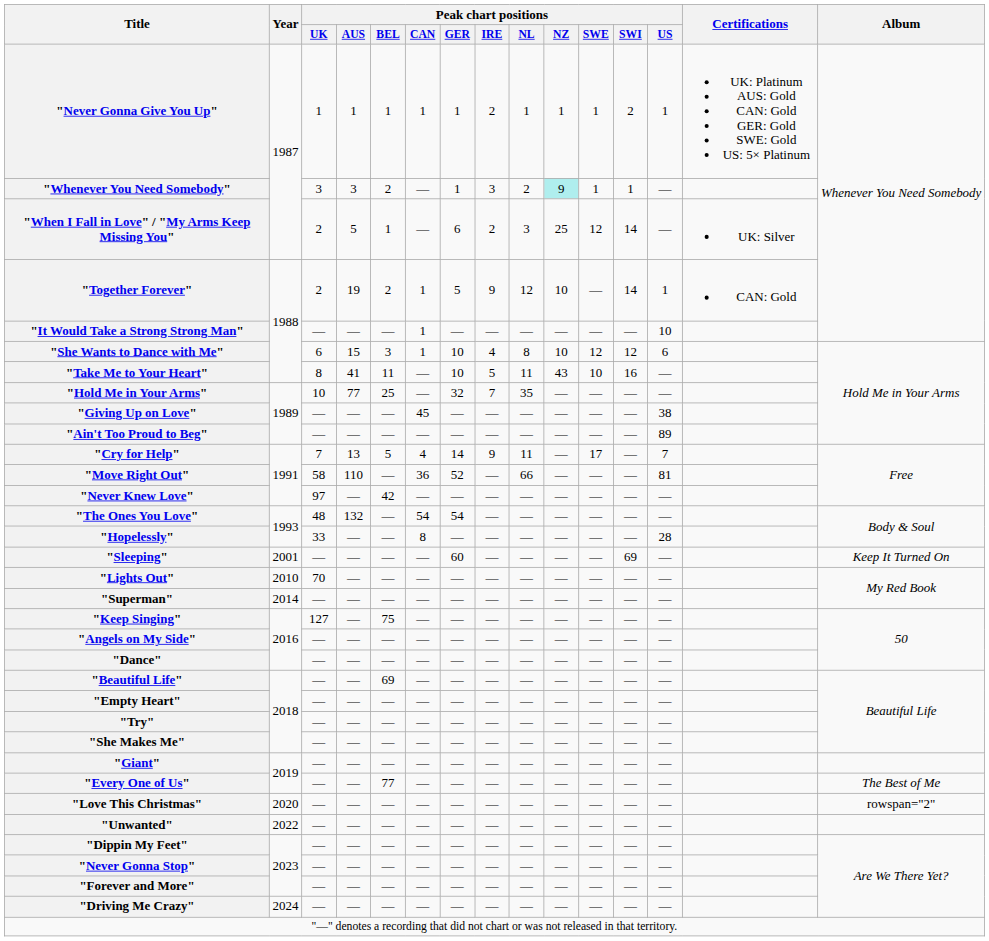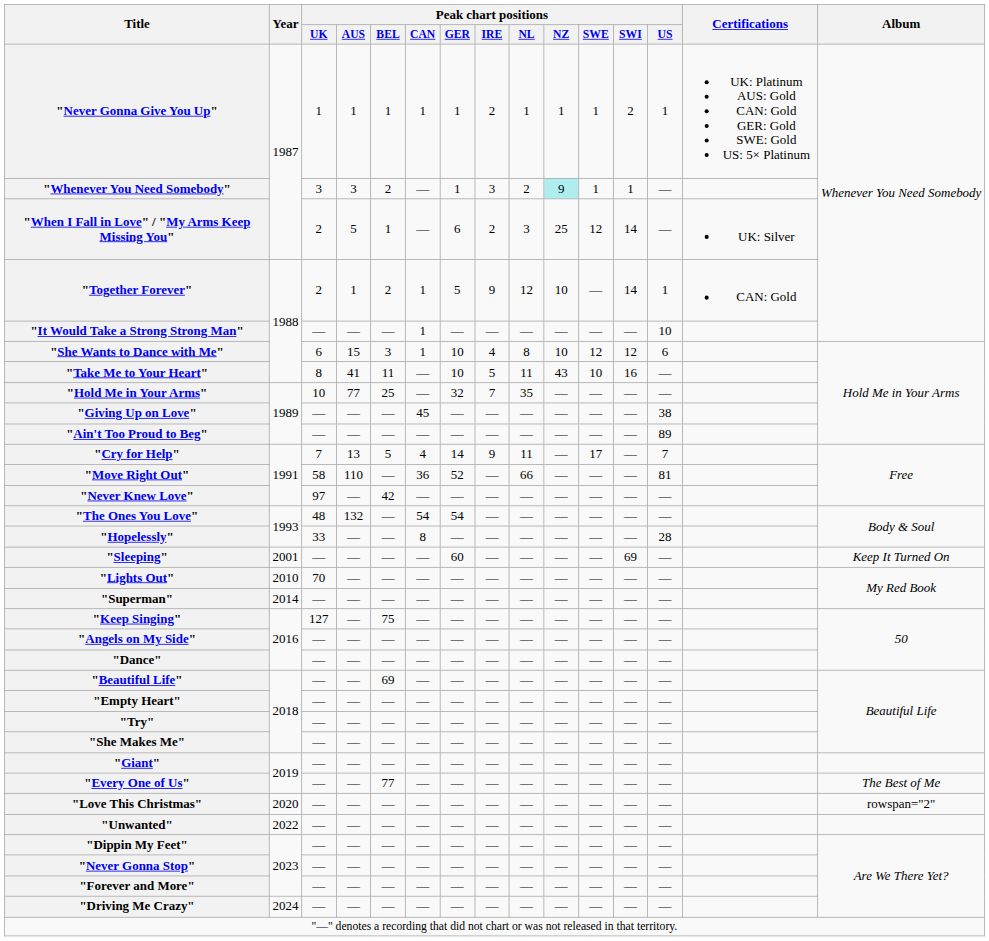 <table class="wikitable plainrowheaders" style="text-align:center;">
 <tr>
 <th scope="col" rowspan="2" style="width:20em;">Title</th>
 <th scope="col" rowspan="2">Year</th>
 <th scope="col" colspan="11">Peak chart positions</th>
 <th scope="col" rowspan="2" style="width:10em;"><a href='#'>Certifications</a></th>
 <th scope="col" rowspan="2">Album</th>
 </tr>
 <tr>
 <th scope="col" style="width:2.5em;font-size:90%;"><a href='#'>UK</a><br></th>
 <th scope="col" style="width:2.5em;font-size:90%;"><a href='#'>AUS</a><br></th>
 <th scope="col" style="width:2.5em;font-size:90%;"><a href='#'>BEL</a><br></th>
 <th scope="col" style="width:2.5em;font-size:90%;"><a href='#'>CAN</a><br></th>
 <th scope="col" style="width:2.5em;font-size:90%;"><a href='#'>GER</a><br></th>
 <th scope="col" style="width:2.5em;font-size:90%;"><a href='#'>IRE</a><br></th>
 <th scope="col" style="width:2.5em;font-size:90%;"><a href='#'>NL</a><br></th>
 <th scope="col" style="width:2.5em;font-size:90%;"><a href='#'>NZ</a><br></th>
 <th scope="col" style="width:2.5em;font-size:90%;"><a href='#'>SWE</a><br></th>
 <th scope="col" style="width:2.5em;font-size:90%;"><a href='#'>SWI</a><br></th>
 <th scope="col" style="width:2.5em;font-size:90%;"><a href='#'>US</a><br></th>
 </tr>
 <tr>
 <th scope="row">"<a href='#'>Never Gonna Give You Up</a>"</th>
 <td rowspan="3">1987</td>
 <td>1</td>
 <td>1</td>
 <td>1</td>
 <td>1</td>
 <td>1</td>
 <td>2</td>
 <td>1</td>
 <td>1</td>
 <td>1</td>
 <td>2</td>
 <td>1</td>
 <td><br><ul><li>UK: Platinum</li><li>AUS: Gold</li><li>CAN: Gold</li><li>GER: Gold</li><li>SWE: Gold</li><li>US: 5× Platinum</li></ul></td>
 <td rowspan="5"><em>Whenever You Need Somebody</em></td>
 </tr>
 <tr>
 <th scope="row">"<a href='#'>Whenever You Need Somebody</a>"</th>
 <td>3</td>
 <td>3</td>
 <td>2</td>
 <td>—</td>
 <td>1</td>
 <td>3</td>
 <td>2</td>
 <td style="background: paleturquoise;">9</td>
 <td>1</td>
 <td>1</td>
 <td>—</td>
 <td></td>
 </tr>
 <tr>
 <th scope="row">"<a href='#'>When I Fall in Love</a>" / "<a href='#'>My Arms Keep Missing You</a>"</th>
 <td>2</td>
 <td>5</td>
 <td>1</td>
 <td>—</td>
 <td>6</td>
 <td>2</td>
 <td>3</td>
 <td>25</td>
 <td>12</td>
 <td>14</td>
 <td>—</td>
 <td><br><ul><li>UK: Silver</li></ul></td>
 </tr>
 <tr>
 <th scope="row">"<a href='#'>Together Forever</a>"</th>
 <td rowspan="4">1988</td>
 <td>2</td>
-<td>19</td>
+<td>1</td>
 <td>2</td>
 <td>1</td>
 <td>5</td>
 <td>9</td>
 <td>12</td>
 <td>10</td>
 <td>—</td>
 <td>14</td>
 <td>1</td>
 <td><br><ul><li>CAN: Gold</li></ul></td>
 </tr>
 <tr>
 <th scope="row">"<a href='#'>It Would Take a Strong Strong Man</a>"</th>
 <td>—</td>
 <td>—</td>
 <td>—</td>
 <td>1</td>
 <td>—</td>
 <td>—</td>
 <td>—</td>
 <td>—</td>
 <td>—</td>
 <td>—</td>
 <td>10</td>
 <td></td>
 </tr>
 <tr>
 <th scope="row">"<a href='#'>She Wants to Dance with Me</a>"</th>
 <td>6</td>
 <td>15</td>
 <td>3</td>
 <td>1</td>
 <td>10</td>
 <td>4</td>
 <td>8</td>
 <td>10</td>
 <td>12</td>
 <td>12</td>
 <td>6</td>
 <td></td>
 <td rowspan="5"><em>Hold Me in Your Arms</em></td>
 </tr>
 <tr>
 <th scope="row">"<a href='#'>Take Me to Your Heart</a>"</th>
 <td>8</td>
 <td>41</td>
 <td>11</td>
 <td>—</td>
 <td>10</td>
 <td>5</td>
 <td>11</td>
 <td>43</td>
 <td>10</td>
 <td>16</td>
 <td>—</td>
 <td></td>
 </tr>
 <tr>
 <th scope="row">"<a href='#'>Hold Me in Your Arms</a>"</th>
 <td rowspan="3">1989</td>
 <td>10</td>
 <td>77</td>
 <td>25</td>
 <td>—</td>
 <td>32</td>
 <td>7</td>
 <td>35</td>
 <td>—</td>
 <td>—</td>
 <td>—</td>
 <td>—</td>
 <td></td>
 </tr>
 <tr>
 <th scope="row">"<a href='#'>Giving Up on Love</a>"</th>
 <td>—</td>
 <td>—</td>
 <td>—</td>
 <td>45</td>
 <td>—</td>
 <td>—</td>
 <td>—</td>
 <td>—</td>
 <td>—</td>
 <td>—</td>
 <td>38</td>
 <td></td>
 </tr>
 <tr>
 <th scope="row">"<a href='#'>Ain't Too Proud to Beg</a>"</th>
 <td>—</td>
 <td>—</td>
 <td>—</td>
 <td>—</td>
 <td>—</td>
 <td>—</td>
 <td>—</td>
 <td>—</td>
 <td>—</td>
 <td>—</td>
 <td>89</td>
 <td></td>
 </tr>
 <tr>
 <th scope="row">"<a href='#'>Cry for Help</a>"</th>
 <td rowspan="3">1991</td>
 <td>7</td>
 <td>13</td>
 <td>5</td>
 <td>4</td>
 <td>14</td>
 <td>9</td>
 <td>11</td>
 <td>—</td>
 <td>17</td>
 <td>—</td>
 <td>7</td>
 <td></td>
 <td rowspan="3"><em>Free</em></td>
 </tr>
 <tr>
 <th scope="row">"<a href='#'>Move Right Out</a>"</th>
 <td>58</td>
 <td>110</td>
 <td>—</td>
 <td>36</td>
 <td>52</td>
 <td>—</td>
 <td>66</td>
 <td>—</td>
 <td>—</td>
 <td>—</td>
 <td>81</td>
 <td></td>
 </tr>
 <tr>
 <th scope="row">"<a href='#'>Never Knew Love</a>"</th>
 <td>97</td>
 <td>—</td>
 <td>42</td>
 <td>—</td>
 <td>—</td>
 <td>—</td>
 <td>—</td>
 <td>—</td>
 <td>—</td>
 <td>—</td>
 <td>—</td>
 <td></td>
 </tr>
 <tr>
 <th scope="row">"<a href='#'>The Ones You Love</a>"</th>
 <td rowspan="2">1993</td>
 <td>48</td>
 <td>132</td>
 <td>—</td>
 <td>54</td>
 <td>54</td>
 <td>—</td>
 <td>—</td>
 <td>—</td>
 <td>—</td>
 <td>—</td>
 <td>—</td>
 <td></td>
 <td rowspan="2"><em>Body & Soul</em></td>
 </tr>
 <tr>
 <th scope="row">"<a href='#'>Hopelessly</a>"</th>
 <td>33</td>
 <td>—</td>
 <td>—</td>
 <td>8</td>
 <td>—</td>
 <td>—</td>
 <td>—</td>
 <td>—</td>
 <td>—</td>
 <td>—</td>
 <td>28</td>
 <td></td>
 </tr>
 <tr>
 <th scope="row">"<a href='#'>Sleeping</a>"</th>
 <td>2001</td>
 <td>—</td>
 <td>—</td>
 <td>—</td>
 <td>—</td>
 <td>60</td>
 <td>—</td>
 <td>—</td>
 <td>—</td>
 <td>—</td>
 <td>69</td>
 <td>—</td>
 <td></td>
 <td><em>Keep It Turned On</em></td>
 </tr>
 <tr>
 <th scope="row">"<a href='#'>Lights Out</a>"</th>
 <td>2010</td>
 <td>70</td>
 <td>—</td>
 <td>—</td>
 <td>—</td>
 <td>—</td>
 <td>—</td>
 <td>—</td>
 <td>—</td>
 <td>—</td>
 <td>—</td>
 <td>—</td>
 <td></td>
 <td rowspan="2"><em>My Red Book</em><br></td>
 </tr>
 <tr>
 <th scope="row">"Superman"</th>
 <td>2014</td>
 <td>—</td>
 <td>—</td>
 <td>—</td>
 <td>—</td>
 <td>—</td>
 <td>—</td>
 <td>—</td>
 <td>—</td>
 <td>—</td>
 <td>—</td>
 <td>—</td>
 <td></td>
 </tr>
 <tr>
 <th scope="row">"<a href='#'>Keep Singing</a>"</th>
 <td rowspan="3">2016</td>
 <td>127</td>
 <td>—</td>
 <td>75</td>
 <td>—</td>
 <td>—</td>
 <td>—</td>
 <td>—</td>
 <td>—</td>
 <td>—</td>
 <td>—</td>
 <td>—</td>
 <td></td>
 <td rowspan="3"><em>50</em></td>
 </tr>
 <tr>
 <th scope="row">"<a href='#'>Angels on My Side</a>"</th>
 <td>—</td>
 <td>—</td>
 <td>—</td>
 <td>—</td>
 <td>—</td>
 <td>—</td>
 <td>—</td>
 <td>—</td>
 <td>—</td>
 <td>—</td>
 <td>—</td>
 <td></td>
 </tr>
 <tr>
 <th scope="row">"Dance"</th>
 <td>—</td>
 <td>—</td>
 <td>—</td>
 <td>—</td>
 <td>—</td>
 <td>—</td>
 <td>—</td>
 <td>—</td>
 <td>—</td>
 <td>—</td>
 <td>—</td>
 <td></td>
 </tr>
 <tr>
 <th scope="row">"<a href='#'>Beautiful Life</a>"</th>
 <td rowspan="4">2018</td>
 <td>—</td>
 <td>—</td>
 <td>69</td>
 <td>—</td>
 <td>—</td>
 <td>—</td>
 <td>—</td>
 <td>—</td>
 <td>—</td>
 <td>—</td>
 <td>—</td>
 <td></td>
 <td rowspan="4"><em>Beautiful Life</em></td>
 </tr>
 <tr>
 <th scope="row">"Empty Heart"</th>
 <td>—</td>
 <td>—</td>
 <td>—</td>
 <td>—</td>
 <td>—</td>
 <td>—</td>
 <td>—</td>
 <td>—</td>
 <td>—</td>
 <td>—</td>
 <td>—</td>
 <td></td>
 </tr>
 <tr>
 <th scope="row">"Try"</th>
 <td>—</td>
 <td>—</td>
 <td>—</td>
 <td>—</td>
 <td>—</td>
 <td>—</td>
 <td>—</td>
 <td>—</td>
 <td>—</td>
 <td>—</td>
 <td>—</td>
 <td></td>
 </tr>
 <tr>
 <th scope="row">"She Makes Me"</th>
 <td>—</td>
 <td>—</td>
 <td>—</td>
 <td>—</td>
 <td>—</td>
 <td>—</td>
 <td>—</td>
 <td>—</td>
 <td>—</td>
 <td>—</td>
 <td>—</td>
 <td></td>
 </tr>
 <tr>
 <th scope="row">"<a href='#'>Giant</a>"</th>
 <td rowspan="2">2019</td>
 <td>—</td>
 <td>—</td>
 <td>—</td>
 <td>—</td>
 <td>—</td>
 <td>—</td>
 <td>—</td>
 <td>—</td>
 <td>—</td>
 <td>—</td>
 <td>—</td>
 <td></td>
 <td></td>
 </tr>
 <tr>
 <th scope="row">"<a href='#'>Every One of Us</a>"</th>
 <td>—</td>
 <td>—</td>
 <td>77</td>
 <td>—</td>
 <td>—</td>
 <td>—</td>
 <td>—</td>
 <td>—</td>
 <td>—</td>
 <td>—</td>
 <td>—</td>
 <td></td>
 <td><em>The Best of Me</em></td>
 </tr>
 <tr>
 <th scope="row">"Love This Christmas"</th>
 <td>2020</td>
 <td>—</td>
 <td>—</td>
 <td>—</td>
 <td>—</td>
 <td>—</td>
 <td>—</td>
 <td>—</td>
 <td>—</td>
 <td>—</td>
 <td>—</td>
 <td>—</td>
 <td></td>
 <td>rowspan="2" </td>
 </tr>
 <tr>
 <th scope="row">"Unwanted"</th>
 <td>2022</td>
 <td>—</td>
 <td>—</td>
 <td>—</td>
 <td>—</td>
 <td>—</td>
 <td>—</td>
 <td>—</td>
 <td>—</td>
 <td>—</td>
 <td>—</td>
 <td>—</td>
 <td></td>
 </tr>
 <tr>
 <th scope="row">"Dippin My Feet"</th>
 <td rowspan="3">2023</td>
 <td>—</td>
 <td>—</td>
 <td>—</td>
 <td>—</td>
 <td>—</td>
 <td>—</td>
 <td>—</td>
 <td>—</td>
 <td>—</td>
 <td>—</td>
 <td>—</td>
 <td></td>
 <td rowspan="4"><em>Are We There Yet?</em></td>
 </tr>
 <tr>
 <th scope="row">"<a href='#'>Never Gonna Stop</a>"</th>
 <td>—</td>
 <td>—</td>
 <td>—</td>
 <td>—</td>
 <td>—</td>
 <td>—</td>
 <td>—</td>
 <td>—</td>
 <td>—</td>
 <td>—</td>
 <td>—</td>
 <td></td>
 </tr>
 <tr>
 <th scope="row">"Forever and More"</th>
 <td>—</td>
 <td>—</td>
 <td>—</td>
 <td>—</td>
 <td>—</td>
 <td>—</td>
 <td>—</td>
 <td>—</td>
 <td>—</td>
 <td>—</td>
 <td>—</td>
 <td></td>
 </tr>
 <tr>
 <th scope="row">"Driving Me Crazy"</th>
 <td>2024</td>
 <td>—</td>
 <td>—</td>
 <td>—</td>
 <td>—</td>
 <td>—</td>
 <td>—</td>
 <td>—</td>
 <td>—</td>
 <td>—</td>
 <td>—</td>
 <td>—</td>
 <td></td>
 </tr>
 <tr>
 <td colspan="20" style="font-size:90%;">"—" denotes a recording that did not chart or was not released in that territory.</td>
 </tr>
 </table>
